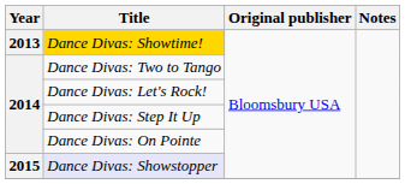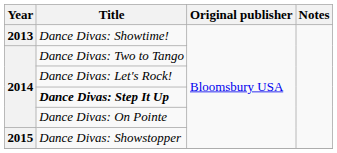 <table class="wikitable plainrowheaders sortable">
 <tr>
 <th scope="col">Year</th>
 <th scope="col">Title</th>
 <th scope="col">Original publisher</th>
 <th scope="col" class="unsortable">Notes</th>
 </tr>
 <tr>
 <th scope="row">2013</th>
-<td style="background: gold;"><em>Dance Divas: Showtime!</em></td>
+<td><em>Dance Divas: Showtime!</em></td>
 <td rowspan="6"><a href='#'>Bloomsbury USA</a></td>
 <td rowspan="6"></td>
 </tr>
 <tr>
 <th scope="row" rowspan="4">2014</th>
 <td><em>Dance Divas: Two to Tango</em></td>
 </tr>
 <tr>
 <td><em>Dance Divas: Let's Rock!</em></td>
 </tr>
 <tr>
-<td><em>Dance Divas: Step It Up</em></td>
+<td><strong><em>Dance Divas: Step It Up</em></strong></td>
 </tr>
 <tr>
 <td><em>Dance Divas: On Pointe</em></td>
 </tr>
 <tr>
 <th scope="row">2015</th>
-<td style="background: lavender;"><em>Dance Divas: Showstopper</em></td>
+<td><em>Dance Divas: Showstopper</em></td>
 </tr>
 <tr>
 </tr>
 </table>
